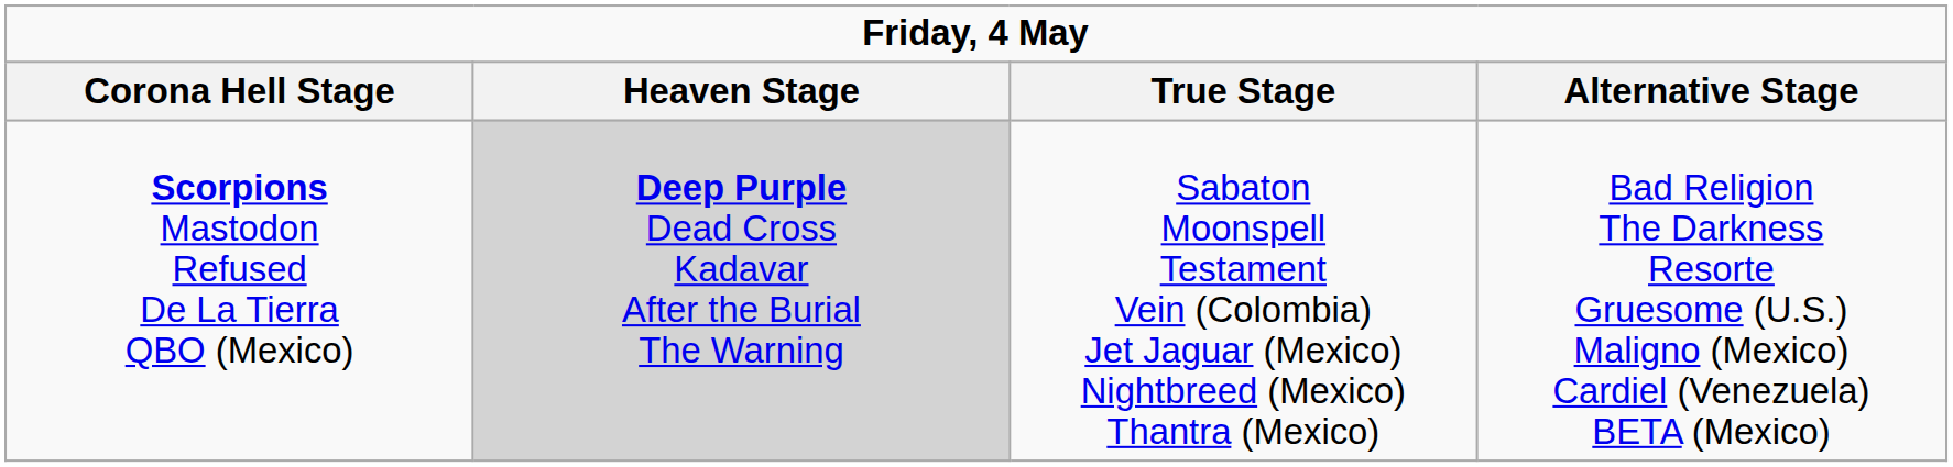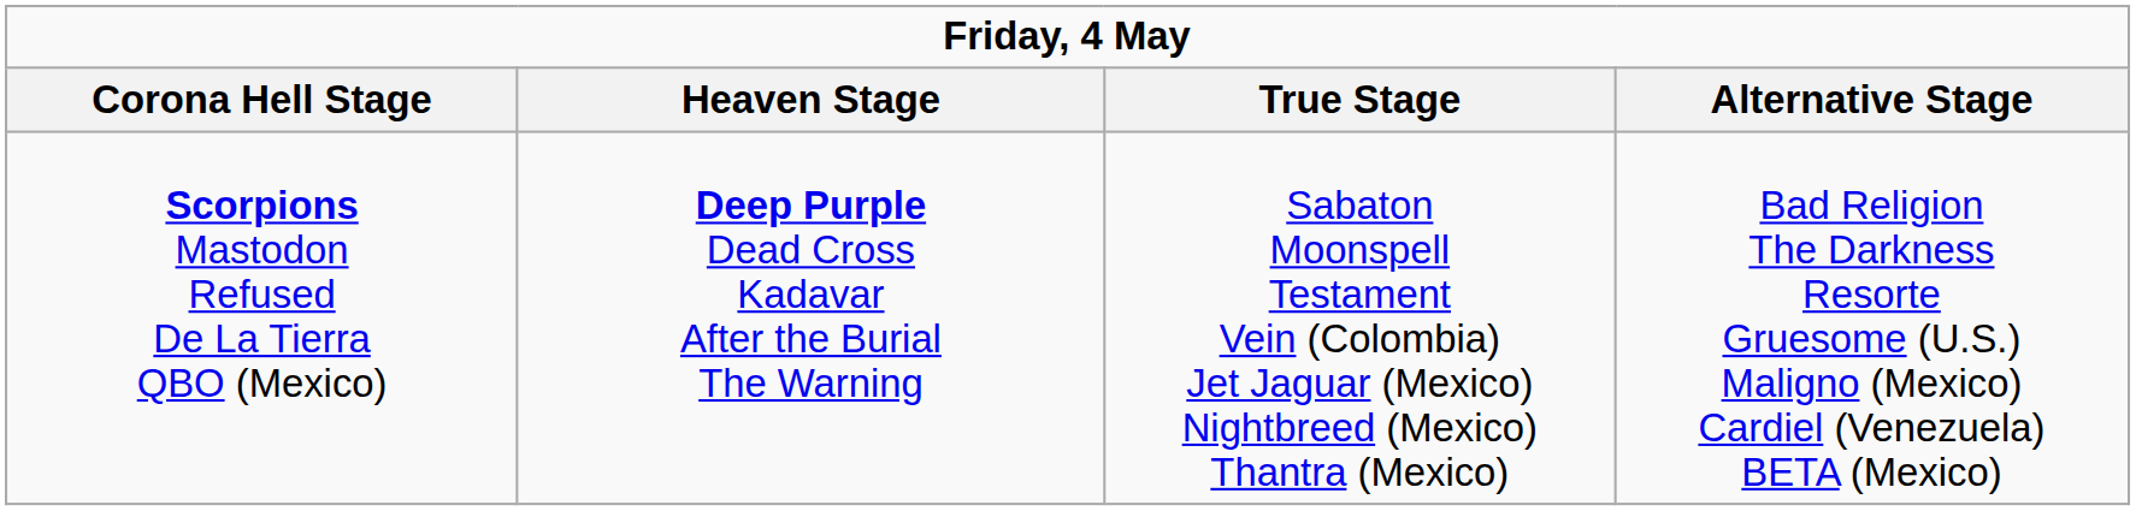 <table class="wikitable">
 <tr>
 <td colspan="4" style="text-align:center;"><strong>Friday, 4 May</strong></td>
 </tr>
 <tr>
 <th>Corona Hell Stage</th>
 <th>Heaven Stage</th>
 <th>True Stage</th>
 <th>Alternative Stage</th>
 </tr>
 <tr>
 <td style="text-align:center; vertical-align:top; width:200px;"><br><strong><a href='#'>Scorpions</a></strong><br> <a href='#'>Mastodon</a><br> <a href='#'>Refused</a><br> <a href='#'>De La Tierra</a><br> <a href='#'>QBO</a> (Mexico)<br></td>
-<td style="background: lightgrey; text-align:center; vertical-align:top; width:230px;"><br><strong><a href='#'>Deep Purple</a></strong><br> <a href='#'>Dead Cross</a><br> <a href='#'>Kadavar</a><br> <a href='#'>After the Burial</a><br> <a href='#'>The Warning</a><br></td>
+<td style="text-align:center; vertical-align:top; width:230px;"><br><strong><a href='#'>Deep Purple</a></strong><br> <a href='#'>Dead Cross</a><br> <a href='#'>Kadavar</a><br> <a href='#'>After the Burial</a><br> <a href='#'>The Warning</a><br></td>
 <td style="text-align:center; vertical-align:top; width:200px;"><br><a href='#'>Sabaton</a><br> <a href='#'>Moonspell</a><br> <a href='#'>Testament</a><br> <a href='#'>Vein</a> (Colombia)<br> <a href='#'>Jet Jaguar</a> (Mexico)<br> <a href='#'>Nightbreed</a> (Mexico)<br> <a href='#'>Thantra</a> (Mexico)<br></td>
 <td style="text-align:center; vertical-align:top; width:200px;"><br><a href='#'>Bad Religion</a><br> <a href='#'>The Darkness</a><br> <a href='#'>Resorte</a><br> <a href='#'>Gruesome</a> (U.S.)<br> <a href='#'>Maligno</a> (Mexico)<br> <a href='#'>Cardiel</a> (Venezuela)<br> <a href='#'>BETA</a> (Mexico)<br></td>
 </tr>
 </table>
